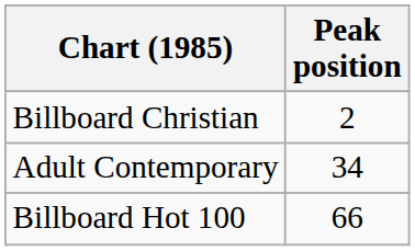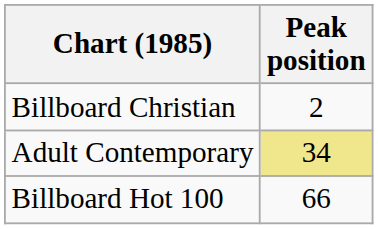 <table class="wikitable">
 <tr>
 <th>Chart (1985)</th>
 <th>Peak<br>position</th>
 </tr>
 <tr>
 <td>Billboard Christian</td>
 <td style="text-align:center;">2</td>
 </tr>
 <tr>
 <td>Adult Contemporary</td>
-<td style="text-align:center;">34</td>
+<td style="background: khaki; text-align:center;">34</td>
 </tr>
 <tr>
 <td>Billboard Hot 100</td>
 <td style="text-align:center;">66</td>
 </tr>
 </table>
